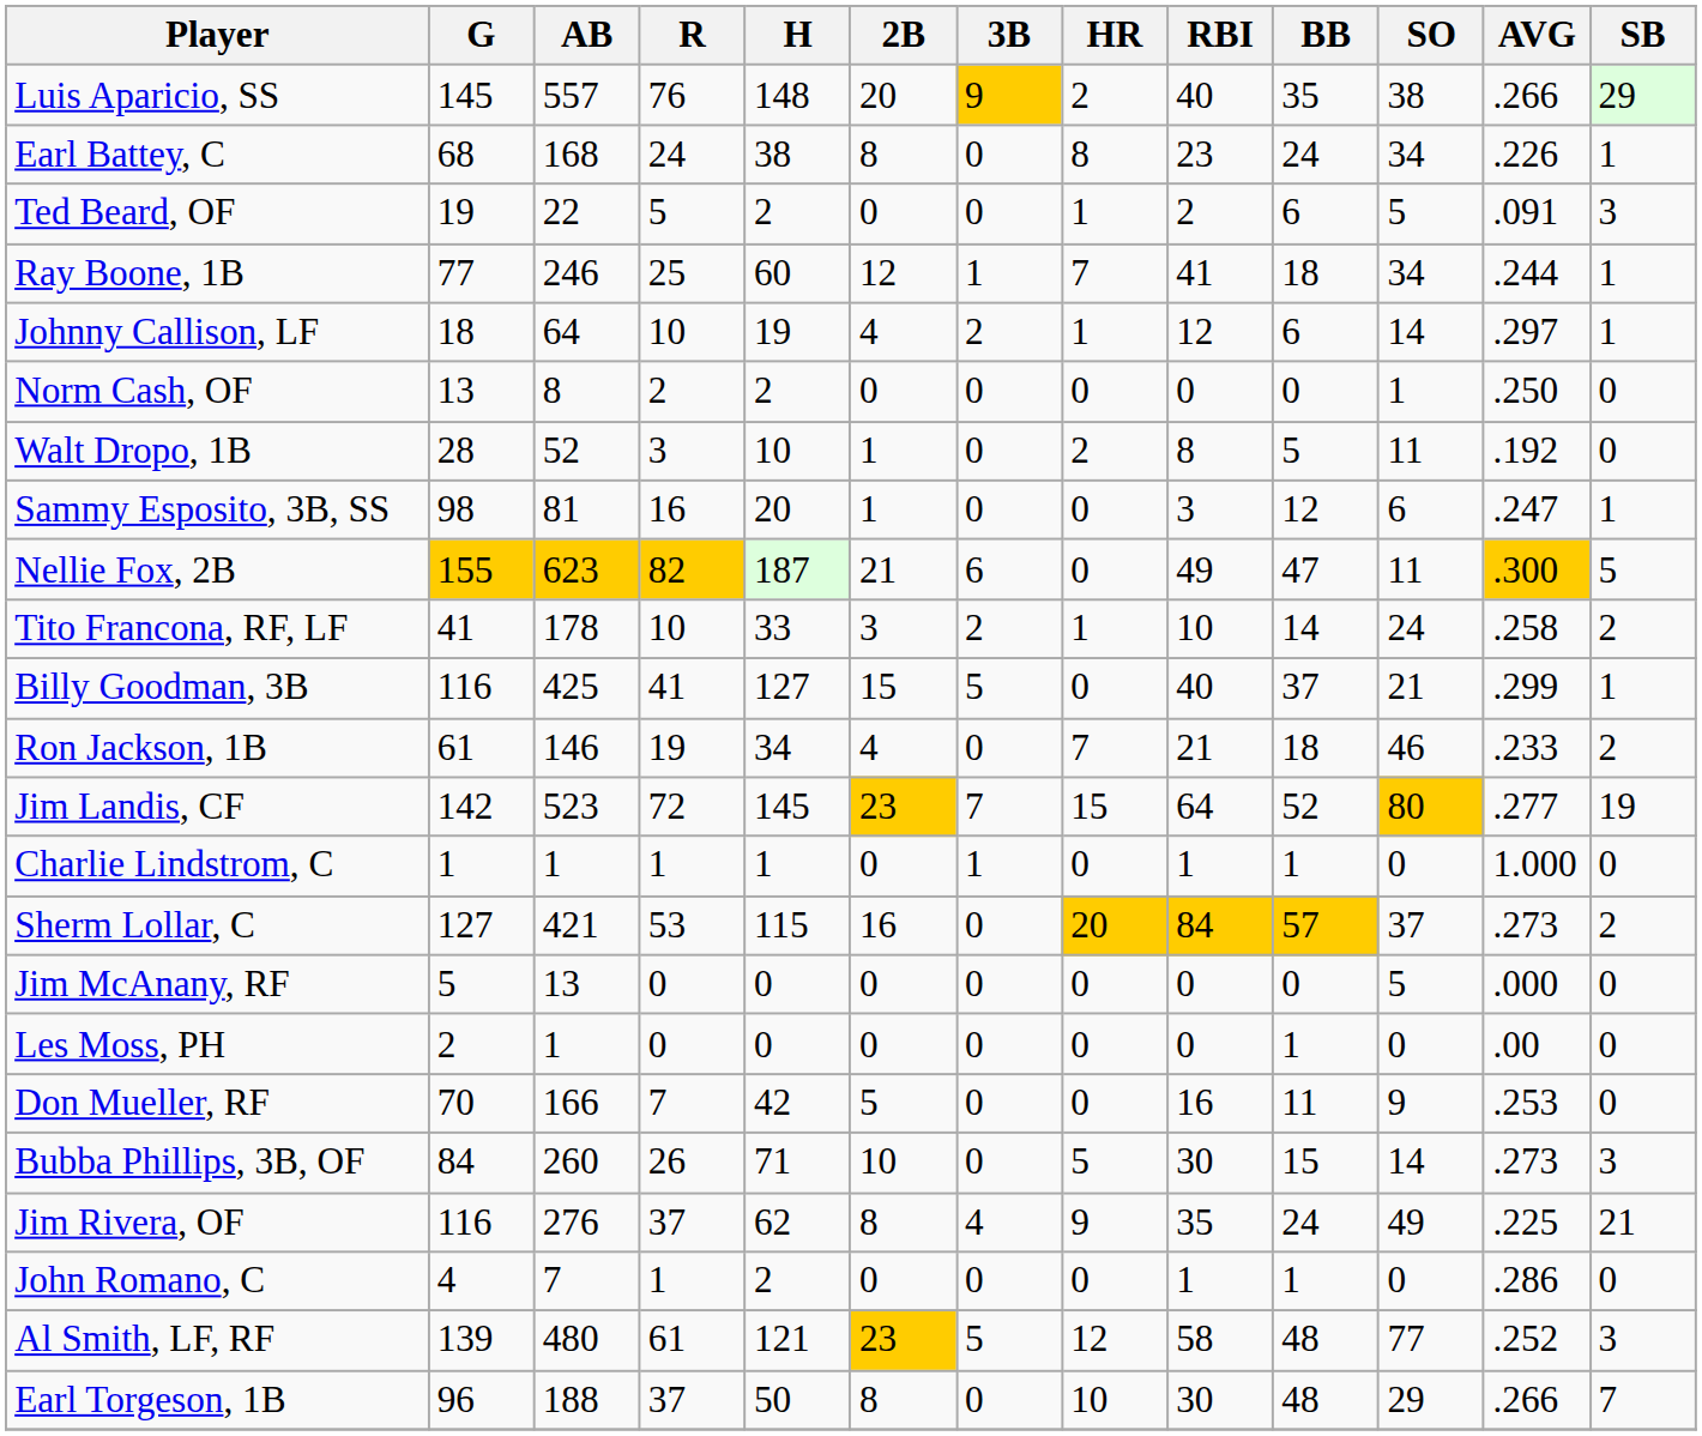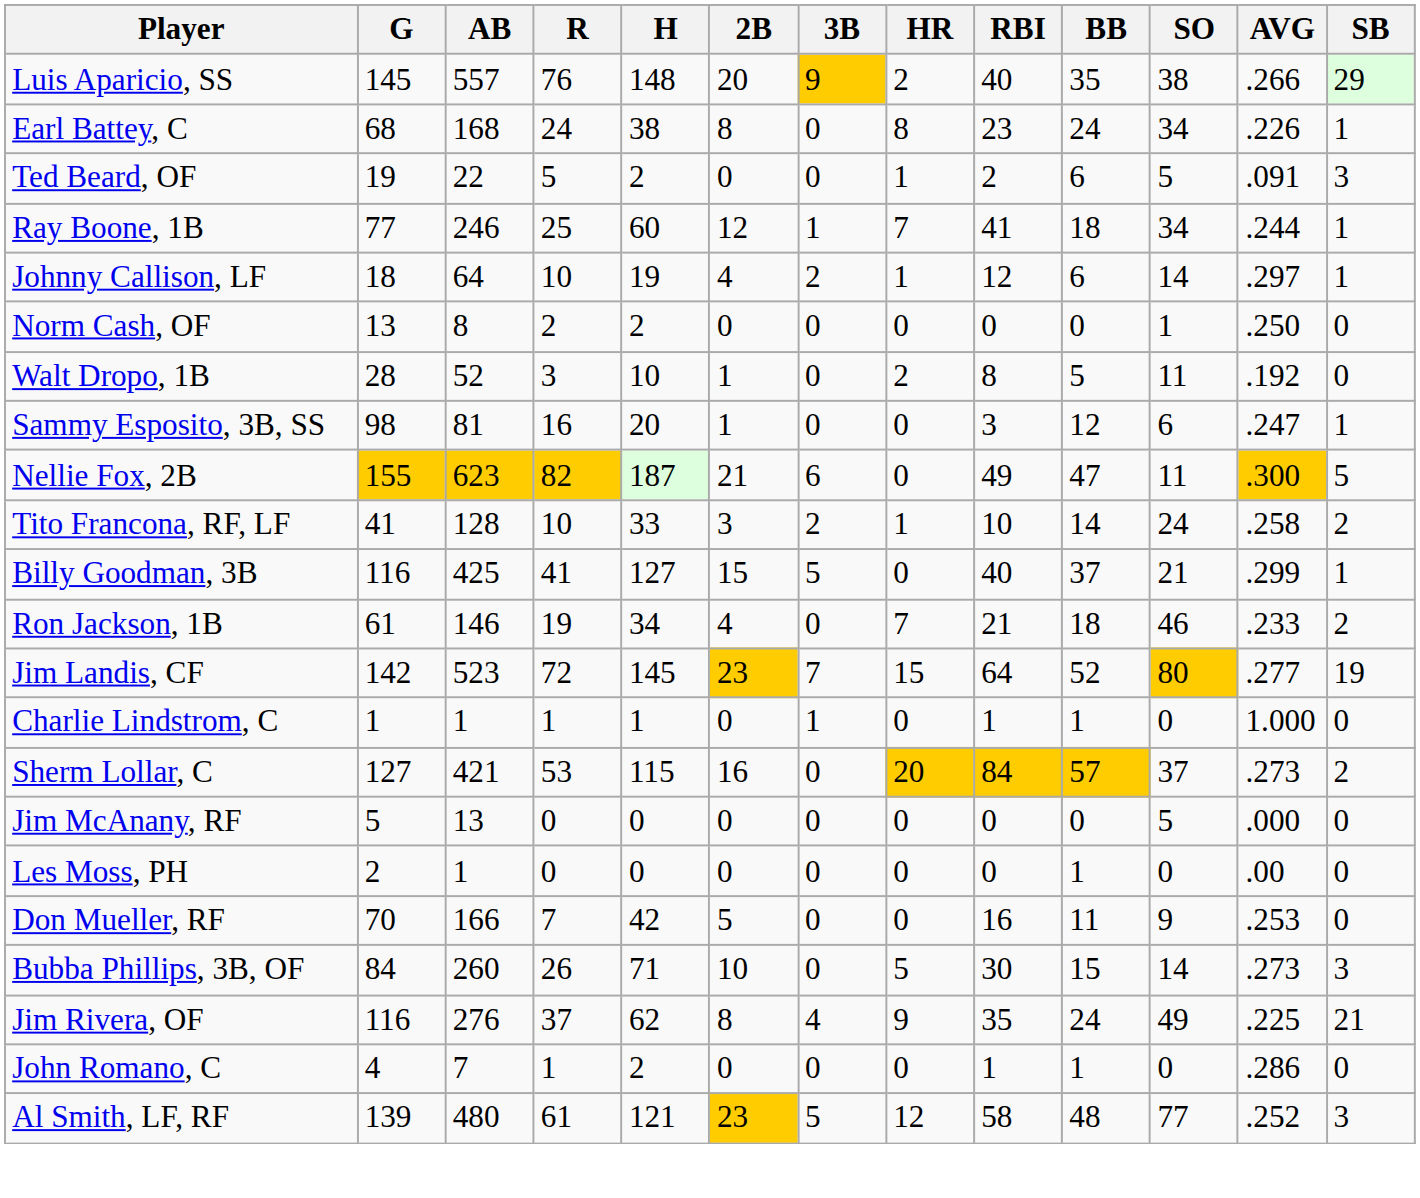 <table class="wikitable sortable">
 <tr>
 <th width="24%">Player</th>
 <th width="6%">G</th>
 <th width="6%">AB</th>
 <th width="6%">R</th>
 <th width="6%">H</th>
 <th width="6%">2B</th>
 <th width="6%">3B</th>
 <th width="6%">HR</th>
 <th width="6%">RBI</th>
 <th width="6%">BB</th>
 <th width="6%">SO</th>
 <th width="6%">AVG</th>
 <th width="6%">SB</th>
 </tr>
 <tr>
 <td><a href='#'>Luis Aparicio</a>, SS</td>
 <td>145</td>
 <td>557</td>
 <td>76</td>
 <td>148</td>
 <td>20</td>
 <td style="background:#fc0;">9</td>
 <td>2</td>
 <td>40</td>
 <td>35</td>
 <td>38</td>
 <td>.266</td>
 <td style="background:#DDFFDD;">29</td>
 </tr>
 <tr>
 <td><a href='#'>Earl Battey</a>, C</td>
 <td>68</td>
 <td>168</td>
 <td>24</td>
 <td>38</td>
 <td>8</td>
 <td>0</td>
 <td>8</td>
 <td>23</td>
 <td>24</td>
 <td>34</td>
 <td>.226</td>
 <td>1</td>
 </tr>
 <tr>
 <td><a href='#'>Ted Beard</a>, OF</td>
 <td>19</td>
 <td>22</td>
 <td>5</td>
 <td>2</td>
 <td>0</td>
 <td>0</td>
 <td>1</td>
 <td>2</td>
 <td>6</td>
 <td>5</td>
 <td>.091</td>
 <td>3</td>
 </tr>
 <tr>
 <td><a href='#'>Ray Boone</a>, 1B</td>
 <td>77</td>
 <td>246</td>
 <td>25</td>
 <td>60</td>
 <td>12</td>
 <td>1</td>
 <td>7</td>
 <td>41</td>
 <td>18</td>
 <td>34</td>
 <td>.244</td>
 <td>1</td>
 </tr>
 <tr>
 <td><a href='#'>Johnny Callison</a>, LF</td>
 <td>18</td>
 <td>64</td>
 <td>10</td>
 <td>19</td>
 <td>4</td>
 <td>2</td>
 <td>1</td>
 <td>12</td>
 <td>6</td>
 <td>14</td>
 <td>.297</td>
 <td>1</td>
 </tr>
 <tr>
 <td><a href='#'>Norm Cash</a>, OF</td>
 <td>13</td>
 <td>8</td>
 <td>2</td>
 <td>2</td>
 <td>0</td>
 <td>0</td>
 <td>0</td>
 <td>0</td>
 <td>0</td>
 <td>1</td>
 <td>.250</td>
 <td>0</td>
 </tr>
 <tr>
 <td><a href='#'>Walt Dropo</a>, 1B</td>
 <td>28</td>
 <td>52</td>
 <td>3</td>
 <td>10</td>
 <td>1</td>
 <td>0</td>
 <td>2</td>
 <td>8</td>
 <td>5</td>
 <td>11</td>
 <td>.192</td>
 <td>0</td>
 </tr>
 <tr>
 <td><a href='#'>Sammy Esposito</a>, 3B, SS</td>
 <td>98</td>
 <td>81</td>
 <td>16</td>
 <td>20</td>
 <td>1</td>
 <td>0</td>
 <td>0</td>
 <td>3</td>
 <td>12</td>
 <td>6</td>
 <td>.247</td>
 <td>1</td>
 </tr>
 <tr>
 <td><a href='#'>Nellie Fox</a>, 2B</td>
 <td style="background:#fc0;">155</td>
 <td style="background:#fc0;">623</td>
 <td style="background:#fc0;">82</td>
 <td style="background:#DDFFDD;">187</td>
 <td>21</td>
 <td>6</td>
 <td>0</td>
 <td>49</td>
 <td>47</td>
 <td>11</td>
 <td style="background:#fc0;">.300</td>
 <td>5</td>
 </tr>
 <tr>
 <td><a href='#'>Tito Francona</a>, RF, LF</td>
 <td>41</td>
-<td>178</td>
+<td>128</td>
 <td>10</td>
 <td>33</td>
 <td>3</td>
 <td>2</td>
 <td>1</td>
 <td>10</td>
 <td>14</td>
 <td>24</td>
 <td>.258</td>
 <td>2</td>
 </tr>
 <tr>
 <td><a href='#'>Billy Goodman</a>, 3B</td>
 <td>116</td>
 <td>425</td>
 <td>41</td>
 <td>127</td>
 <td>15</td>
 <td>5</td>
 <td>0</td>
 <td>40</td>
 <td>37</td>
 <td>21</td>
 <td>.299</td>
 <td>1</td>
 </tr>
 <tr>
 <td><a href='#'>Ron Jackson</a>, 1B</td>
 <td>61</td>
 <td>146</td>
 <td>19</td>
 <td>34</td>
 <td>4</td>
 <td>0</td>
 <td>7</td>
 <td>21</td>
 <td>18</td>
 <td>46</td>
 <td>.233</td>
 <td>2</td>
 </tr>
 <tr>
 <td><a href='#'>Jim Landis</a>, CF</td>
 <td>142</td>
 <td>523</td>
 <td>72</td>
 <td>145</td>
 <td style="background:#fc0;">23</td>
 <td>7</td>
 <td>15</td>
 <td>64</td>
 <td>52</td>
 <td style="background:#fc0;">80</td>
 <td>.277</td>
 <td>19</td>
 </tr>
 <tr>
 <td><a href='#'>Charlie Lindstrom</a>, C</td>
 <td>1</td>
 <td>1</td>
 <td>1</td>
 <td>1</td>
 <td>0</td>
 <td>1</td>
 <td>0</td>
 <td>1</td>
 <td>1</td>
 <td>0</td>
 <td>1.000</td>
 <td>0</td>
 </tr>
 <tr>
 <td><a href='#'>Sherm Lollar</a>, C</td>
 <td>127</td>
 <td>421</td>
 <td>53</td>
 <td>115</td>
 <td>16</td>
 <td>0</td>
 <td style="background:#fc0;">20</td>
 <td style="background:#fc0;">84</td>
 <td style="background:#fc0;">57</td>
 <td>37</td>
 <td>.273</td>
 <td>2</td>
 </tr>
 <tr>
 <td><a href='#'>Jim McAnany</a>, RF</td>
 <td>5</td>
 <td>13</td>
 <td>0</td>
 <td>0</td>
 <td>0</td>
 <td>0</td>
 <td>0</td>
 <td>0</td>
 <td>0</td>
 <td>5</td>
 <td>.000</td>
 <td>0</td>
 </tr>
 <tr>
 <td><a href='#'>Les Moss</a>, PH</td>
 <td>2</td>
 <td>1</td>
 <td>0</td>
 <td>0</td>
 <td>0</td>
 <td>0</td>
 <td>0</td>
 <td>0</td>
 <td>1</td>
 <td>0</td>
 <td>.00</td>
 <td>0</td>
 </tr>
 <tr>
 <td><a href='#'>Don Mueller</a>, RF</td>
 <td>70</td>
 <td>166</td>
 <td>7</td>
 <td>42</td>
 <td>5</td>
 <td>0</td>
 <td>0</td>
 <td>16</td>
 <td>11</td>
 <td>9</td>
 <td>.253</td>
 <td>0</td>
 </tr>
 <tr>
 <td><a href='#'>Bubba Phillips</a>, 3B, OF</td>
 <td>84</td>
 <td>260</td>
 <td>26</td>
 <td>71</td>
 <td>10</td>
 <td>0</td>
 <td>5</td>
 <td>30</td>
 <td>15</td>
 <td>14</td>
 <td>.273</td>
 <td>3</td>
 </tr>
 <tr>
 <td><a href='#'>Jim Rivera</a>, OF</td>
 <td>116</td>
 <td>276</td>
 <td>37</td>
 <td>62</td>
 <td>8</td>
 <td>4</td>
 <td>9</td>
 <td>35</td>
 <td>24</td>
 <td>49</td>
 <td>.225</td>
 <td>21</td>
 </tr>
 <tr>
 <td><a href='#'>John Romano</a>, C</td>
 <td>4</td>
 <td>7</td>
 <td>1</td>
 <td>2</td>
 <td>0</td>
 <td>0</td>
 <td>0</td>
 <td>1</td>
 <td>1</td>
 <td>0</td>
 <td>.286</td>
 <td>0</td>
 </tr>
 <tr>
 <td><a href='#'>Al Smith</a>, LF, RF</td>
 <td>139</td>
 <td>480</td>
 <td>61</td>
 <td>121</td>
 <td style="background:#fc0;">23</td>
 <td>5</td>
 <td>12</td>
 <td>58</td>
 <td>48</td>
 <td>77</td>
 <td>.252</td>
 <td>3</td>
 </tr>
 <tr>
-<td><a href='#'>Earl Torgeson</a>, 1B</td>
-<td>96</td>
-<td>188</td>
-<td>37</td>
-<td>50</td>
-<td>8</td>
-<td>0</td>
-<td>10</td>
-<td>30</td>
-<td>48</td>
-<td>29</td>
-<td>.266</td>
-<td>7</td>
-</tr>
-<tr>
 </tr>
 </table>
